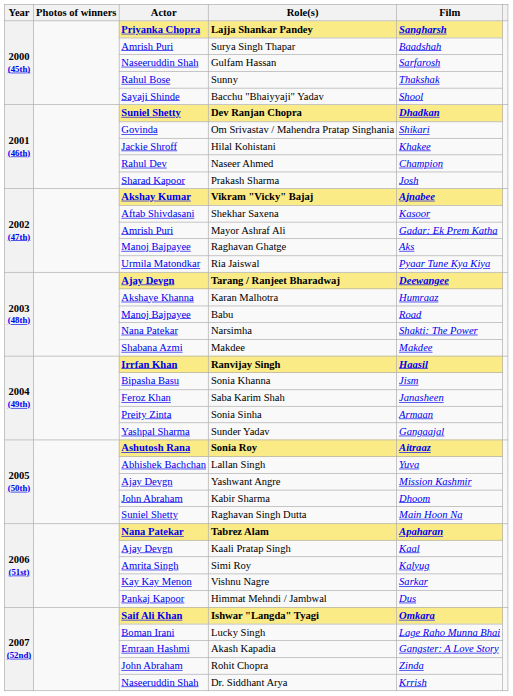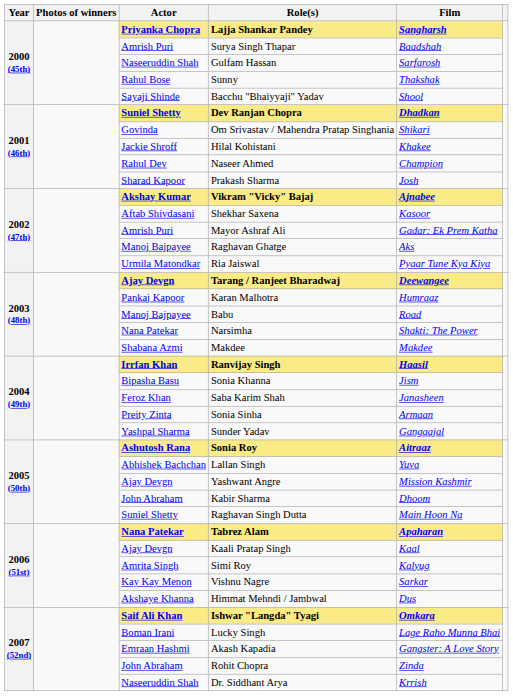 <table class="wikitable sortable">
 <tr>
 <th scope="col">Year</th>
 <th scope="col">Photos of winners</th>
 <th scope="col">Actor</th>
 <th scope="col">Role(s)</th>
 <th scope="col">Film</th>
 <th scope="col" class="unsortable"></th>
 </tr>
 <tr>
 <th rowspan="5" scope="row">2000<br><small><a href='#'>(45th)</a> </small></th>
 <td rowspan="5" style="text-align:center;"></td>
 <td style="background:#FAEB86;"><a href='#'><strong>Priyanka Chopra</strong></a> </td>
 <td style="background:#FAEB86;"><strong>Lajja Shankar Pandey</strong></td>
 <td style="background:#FAEB86;"><strong><em><a href='#'>Sangharsh</a></em></strong></td>
 <td rowspan="5"></td>
 </tr>
 <tr>
 <td><a href='#'>Amrish Puri</a></td>
 <td>Surya Singh Thapar</td>
 <td><em><a href='#'>Baadshah</a></em></td>
 </tr>
 <tr>
 <td><a href='#'>Naseeruddin Shah</a></td>
 <td>Gulfam Hassan</td>
 <td><em><a href='#'>Sarfarosh</a></em></td>
 </tr>
 <tr>
 <td><a href='#'>Rahul Bose</a></td>
 <td>Sunny</td>
 <td><em><a href='#'>Thakshak</a></em></td>
 </tr>
 <tr>
 <td><a href='#'>Sayaji Shinde</a></td>
 <td>Bacchu "Bhaiyyaji" Yadav</td>
 <td><em><a href='#'>Shool</a></em></td>
 </tr>
 <tr>
 <th rowspan="5" scope="row">2001<br><small><a href='#'>(46th)</a> </small></th>
 <td rowspan="5" style="text-align:center;"></td>
 <td style="background:#FAEB86;"><strong><a href='#'>Suniel Shetty</a></strong> </td>
 <td style="background:#FAEB86;"><strong>Dev Ranjan Chopra</strong></td>
 <td style="background:#FAEB86;"><strong><em><a href='#'>Dhadkan</a></em></strong></td>
 <td rowspan="5"></td>
 </tr>
 <tr>
 <td><a href='#'>Govinda</a></td>
 <td>Om Srivastav / Mahendra Pratap Singhania</td>
 <td><em><a href='#'>Shikari</a></em></td>
 </tr>
 <tr>
 <td><a href='#'>Jackie Shroff</a></td>
 <td>Hilal Kohistani</td>
 <td><em><a href='#'>Khakee</a></em></td>
 </tr>
 <tr>
 <td><a href='#'>Rahul Dev</a></td>
 <td>Naseer Ahmed</td>
 <td><em><a href='#'>Champion</a></em></td>
 </tr>
 <tr>
 <td><a href='#'>Sharad Kapoor</a></td>
 <td>Prakash Sharma</td>
 <td><em><a href='#'>Josh</a></em></td>
 </tr>
 <tr>
 <th rowspan="5" scope="row">2002<br><small><a href='#'>(47th)</a> </small></th>
 <td rowspan="5" style="text-align:center;"></td>
 <td style="background:#FAEB86;"><strong><a href='#'>Akshay Kumar</a></strong> </td>
 <td style="background:#FAEB86;"><strong>Vikram "Vicky" Bajaj</strong></td>
 <td style="background:#FAEB86;"><strong><em><a href='#'>Ajnabee</a></em></strong></td>
 <td rowspan="5"></td>
 </tr>
 <tr>
 <td><a href='#'>Aftab Shivdasani</a></td>
 <td>Shekhar Saxena</td>
 <td><em><a href='#'>Kasoor</a></em></td>
 </tr>
 <tr>
 <td><a href='#'>Amrish Puri</a></td>
 <td>Mayor Ashraf Ali</td>
 <td><em><a href='#'>Gadar: Ek Prem Katha</a></em></td>
 </tr>
 <tr>
 <td><a href='#'>Manoj Bajpayee</a></td>
 <td>Raghavan Ghatge</td>
 <td><em><a href='#'>Aks</a></em></td>
 </tr>
 <tr>
 <td><a href='#'>Urmila Matondkar</a></td>
 <td>Ria Jaiswal</td>
 <td><em><a href='#'>Pyaar Tune Kya Kiya</a></em></td>
 </tr>
 <tr>
 <th rowspan="5" scope="row">2003<br><small><a href='#'>(48th)</a> </small></th>
 <td rowspan="5" style="text-align:center;"></td>
 <td style="background:#FAEB86;"><a href='#'><strong>Ajay Devgn</strong></a> </td>
 <td style="background:#FAEB86;"><strong>Tarang / Ranjeet Bharadwaj</strong></td>
 <td style="background:#FAEB86;"><strong><em><a href='#'>Deewangee</a></em></strong></td>
 <td rowspan="5"></td>
 </tr>
 <tr>
-<td><a href='#'>Akshaye Khanna</a></td>
+<td><a href='#'>Pankaj Kapoor</a></td>
 <td>Karan Malhotra</td>
 <td><em><a href='#'>Humraaz</a></em></td>
 </tr>
 <tr>
 <td><a href='#'>Manoj Bajpayee</a></td>
 <td>Babu</td>
 <td><em><a href='#'>Road</a></em></td>
 </tr>
 <tr>
 <td><a href='#'>Nana Patekar</a></td>
 <td>Narsimha</td>
 <td><em><a href='#'>Shakti: The Power</a></em></td>
 </tr>
 <tr>
 <td><a href='#'>Shabana Azmi</a></td>
 <td>Makdee</td>
 <td><em><a href='#'>Makdee</a></em></td>
 </tr>
 <tr>
 <th rowspan="5" scope="row">2004<br><small><a href='#'>(49th)</a> </small></th>
 <td rowspan="5" style="text-align:center;"></td>
 <td style="background:#FAEB86;"><strong><a href='#'>Irrfan Khan</a></strong> </td>
 <td style="background:#FAEB86;"><strong>Ranvijay Singh</strong></td>
 <td style="background:#FAEB86;"><strong><em><a href='#'>Haasil</a></em></strong></td>
 <td rowspan="5"></td>
 </tr>
 <tr>
 <td><a href='#'>Bipasha Basu</a></td>
 <td>Sonia Khanna</td>
 <td><em><a href='#'>Jism</a></em></td>
 </tr>
 <tr>
 <td><a href='#'>Feroz Khan</a></td>
 <td>Saba Karim Shah</td>
 <td><em><a href='#'>Janasheen</a></em></td>
 </tr>
 <tr>
 <td><a href='#'>Preity Zinta</a></td>
 <td>Sonia Sinha</td>
 <td><em><a href='#'>Armaan</a></em></td>
 </tr>
 <tr>
 <td><a href='#'>Yashpal Sharma</a></td>
 <td>Sunder Yadav</td>
 <td><em><a href='#'>Gangaajal</a></em></td>
 </tr>
 <tr>
 <th rowspan="5" scope="row">2005<br><small><a href='#'>(50th)</a> </small></th>
 <td rowspan="5" style="text-align:center;"></td>
 <td style="background:#FAEB86;"><strong><a href='#'>Ashutosh Rana</a></strong> </td>
 <td style="background:#FAEB86;"><strong>Sonia Roy</strong></td>
 <td style="background:#FAEB86;"><strong><em><a href='#'>Aitraaz</a></em></strong></td>
 <td rowspan="5"></td>
 </tr>
 <tr>
 <td><a href='#'>Abhishek Bachchan</a></td>
 <td>Lallan Singh</td>
 <td><em><a href='#'>Yuva</a></em></td>
 </tr>
 <tr>
 <td><a href='#'>Ajay Devgn</a></td>
 <td>Yashwant Angre</td>
 <td><em><a href='#'>Mission Kashmir</a></em></td>
 </tr>
 <tr>
 <td><a href='#'>John Abraham</a></td>
 <td>Kabir Sharma</td>
 <td><em><a href='#'>Dhoom</a></em></td>
 </tr>
 <tr>
 <td><a href='#'>Suniel Shetty</a></td>
 <td>Raghavan Singh Dutta</td>
 <td><em><a href='#'>Main Hoon Na</a></em></td>
 </tr>
 <tr>
 <th rowspan="5">2006<br><small><a href='#'>(51st)</a> </small></th>
 <td rowspan="5" style="text-align:center;"></td>
 <td style="background:#FAEB86;"><a href='#'><strong>Nana Patekar</strong></a> </td>
 <td style="background:#FAEB86;"><strong>Tabrez Alam</strong></td>
 <td style="background:#FAEB86;"><strong><em><a href='#'>Apaharan</a></em></strong></td>
 <td rowspan="5"></td>
 </tr>
 <tr>
 <td><a href='#'>Ajay Devgn</a></td>
 <td>Kaali Pratap Singh</td>
 <td><em><a href='#'>Kaal</a></em></td>
 </tr>
 <tr>
 <td><a href='#'>Amrita Singh</a></td>
 <td>Simi Roy</td>
 <td><em><a href='#'>Kalyug</a></em></td>
 </tr>
 <tr>
 <td><a href='#'>Kay Kay Menon</a></td>
 <td>Vishnu Nagre</td>
 <td><em><a href='#'>Sarkar</a></em></td>
 </tr>
 <tr>
-<td><a href='#'>Pankaj Kapoor</a></td>
+<td><a href='#'>Akshaye Khanna</a></td>
 <td>Himmat Mehndi / Jambwal</td>
 <td><em><a href='#'>Dus</a></em></td>
 </tr>
 <tr>
 <th rowspan="5" scope="row">2007<br><small><a href='#'>(52nd)</a> </small></th>
 <td rowspan="5" style="text-align:center;"></td>
 <td style="background:#FAEB86;"><a href='#'><strong>Saif Ali Khan</strong></a> </td>
 <td style="background:#FAEB86;"><strong>Ishwar "Langda" Tyagi</strong></td>
 <td style="background:#FAEB86;"><em><a href='#'><strong>Omkara</strong></a></em></td>
 <td rowspan="5"></td>
 </tr>
 <tr>
 <td><a href='#'>Boman Irani</a></td>
 <td>Lucky Singh</td>
 <td><em><a href='#'>Lage Raho Munna Bhai</a></em></td>
 </tr>
 <tr>
 <td><a href='#'>Emraan Hashmi</a></td>
 <td>Akash Kapadia</td>
 <td><em><a href='#'>Gangster: A Love Story</a></em></td>
 </tr>
 <tr>
 <td><a href='#'>John Abraham</a></td>
 <td>Rohit Chopra</td>
 <td><em><a href='#'>Zinda</a></em></td>
 </tr>
 <tr>
 <td><a href='#'>Naseeruddin Shah</a></td>
 <td>Dr. Siddhant Arya</td>
 <td><em><a href='#'>Krrish</a></em></td>
 </tr>
 </table>
